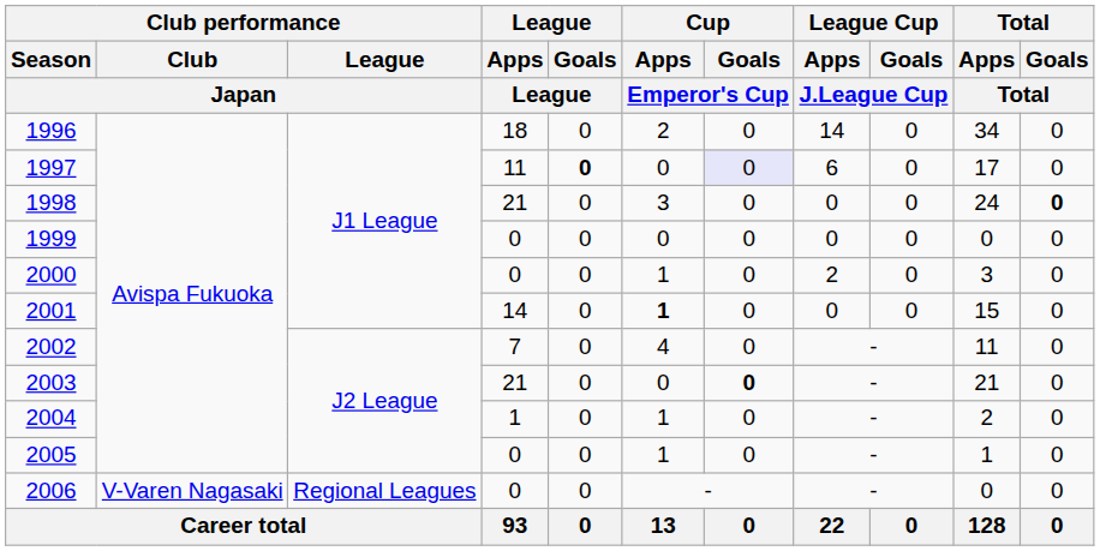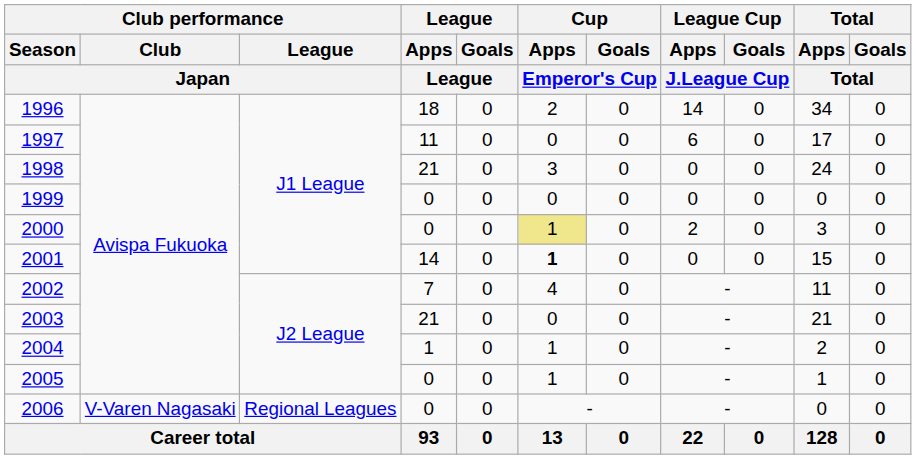 <table class="wikitable" style="text-align:center">
 <tr>
 <th colspan=3>Club performance</th>
 <th colspan=2>League</th>
 <th colspan=2>Cup</th>
 <th colspan=2>League Cup</th>
 <th colspan=2>Total</th>
 </tr>
 <tr>
 <th>Season</th>
 <th>Club</th>
 <th>League</th>
 <th>Apps</th>
 <th>Goals</th>
 <th>Apps</th>
 <th>Goals</th>
 <th>Apps</th>
 <th>Goals</th>
 <th>Apps</th>
 <th>Goals</th>
 </tr>
 <tr>
 <th colspan=3>Japan</th>
 <th colspan=2>League</th>
 <th colspan=2><a href='#'>Emperor's Cup</a></th>
 <th colspan=2><a href='#'>J.League Cup</a></th>
 <th colspan=2>Total</th>
 </tr>
 <tr>
 <td><a href='#'>1996</a></td>
 <td rowspan="10"><a href='#'>Avispa Fukuoka</a></td>
 <td rowspan="6"><a href='#'>J1 League</a></td>
 <td>18</td>
 <td>0</td>
 <td>2</td>
 <td>0</td>
 <td>14</td>
 <td>0</td>
 <td>34</td>
 <td>0</td>
 </tr>
 <tr>
 <td><a href='#'>1997</a></td>
 <td>11</td>
-<td><strong>0</strong></td>
 <td>0</td>
-<td style="background: lavender;">0</td>
+<td>0</td>
+<td>0</td>
 <td>6</td>
 <td>0</td>
 <td>17</td>
 <td>0</td>
 </tr>
 <tr>
 <td><a href='#'>1998</a></td>
 <td>21</td>
 <td>0</td>
 <td>3</td>
 <td>0</td>
 <td>0</td>
 <td>0</td>
 <td>24</td>
-<td><strong>0</strong></td>
+<td>0</td>
 </tr>
 <tr>
 <td><a href='#'>1999</a></td>
 <td>0</td>
 <td>0</td>
 <td>0</td>
 <td>0</td>
 <td>0</td>
 <td>0</td>
 <td>0</td>
 <td>0</td>
 </tr>
 <tr>
 <td><a href='#'>2000</a></td>
 <td>0</td>
 <td>0</td>
-<td>1</td>
+<td style="background: khaki;">1</td>
 <td>0</td>
 <td>2</td>
 <td>0</td>
 <td>3</td>
 <td>0</td>
 </tr>
 <tr>
 <td><a href='#'>2001</a></td>
 <td>14</td>
 <td>0</td>
 <td><strong>1</strong></td>
 <td>0</td>
 <td>0</td>
 <td>0</td>
 <td>15</td>
 <td>0</td>
 </tr>
 <tr>
 <td><a href='#'>2002</a></td>
 <td rowspan="4"><a href='#'>J2 League</a></td>
 <td>7</td>
 <td>0</td>
 <td>4</td>
 <td>0</td>
 <td colspan="2">-</td>
 <td>11</td>
 <td>0</td>
 </tr>
 <tr>
 <td><a href='#'>2003</a></td>
 <td>21</td>
 <td>0</td>
 <td>0</td>
-<td><strong>0</strong></td>
+<td>0</td>
 <td colspan="2">-</td>
 <td>21</td>
 <td>0</td>
 </tr>
 <tr>
 <td><a href='#'>2004</a></td>
 <td>1</td>
 <td>0</td>
 <td>1</td>
 <td>0</td>
 <td colspan="2">-</td>
 <td>2</td>
 <td>0</td>
 </tr>
 <tr>
 <td><a href='#'>2005</a></td>
 <td>0</td>
 <td>0</td>
 <td>1</td>
 <td>0</td>
 <td colspan="2">-</td>
 <td>1</td>
 <td>0</td>
 </tr>
 <tr>
 <td><a href='#'>2006</a></td>
 <td><a href='#'>V-Varen Nagasaki</a></td>
 <td><a href='#'>Regional Leagues</a></td>
 <td>0</td>
 <td>0</td>
 <td colspan="2">-</td>
 <td colspan="2">-</td>
 <td>0</td>
 <td>0</td>
 </tr>
 <tr>
 <th colspan=3>Career total</th>
 <th>93</th>
 <th>0</th>
 <th>13</th>
 <th>0</th>
 <th>22</th>
 <th>0</th>
 <th>128</th>
 <th>0</th>
 </tr>
 </table>
